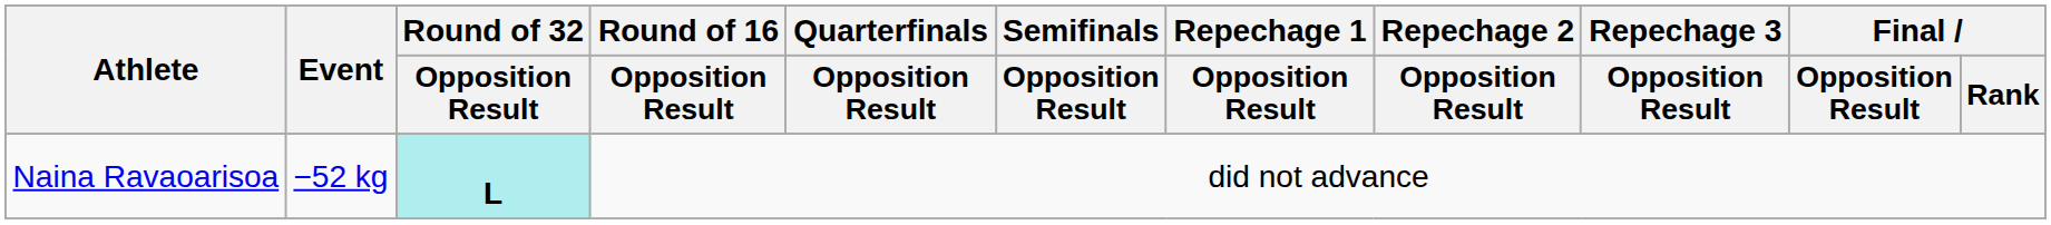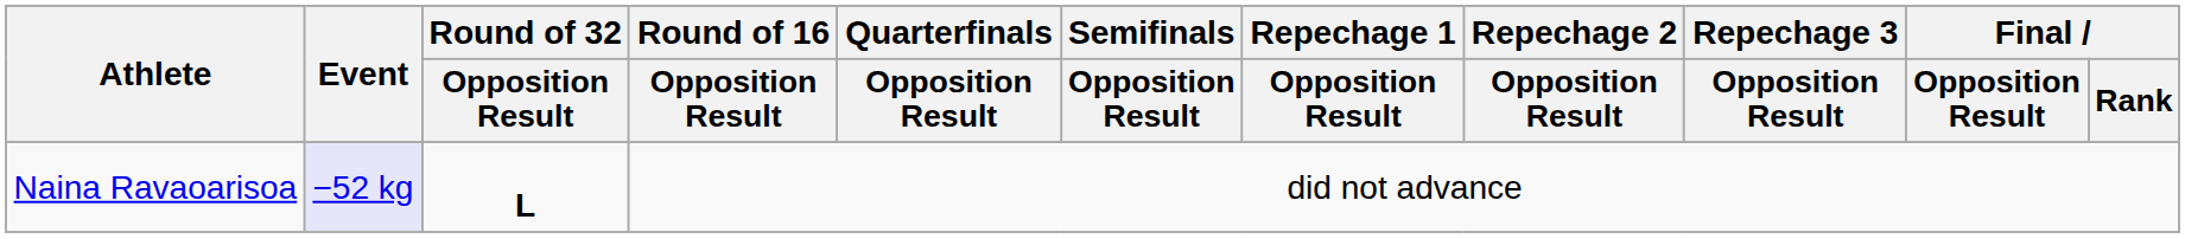 <table class="wikitable" style="font-size:90%">
 <tr>
 <th rowspan="2">Athlete</th>
 <th rowspan="2">Event</th>
 <th>Round of 32</th>
 <th>Round of 16</th>
 <th>Quarterfinals</th>
 <th>Semifinals</th>
 <th>Repechage 1</th>
 <th>Repechage 2</th>
 <th>Repechage 3</th>
 <th colspan=2>Final / </th>
 </tr>
 <tr style="font-size:95%">
 <th>Opposition<br>Result</th>
 <th>Opposition<br>Result</th>
 <th>Opposition<br>Result</th>
 <th>Opposition<br>Result</th>
 <th>Opposition<br>Result</th>
 <th>Opposition<br>Result</th>
 <th>Opposition<br>Result</th>
 <th>Opposition<br>Result</th>
 <th>Rank</th>
 </tr>
 <tr align=center>
 <td align=left><a href='#'>Naina Ravaoarisoa</a></td>
-<td align=left><a href='#'>−52 kg</a></td>
-<td style="background: paleturquoise;"><br><strong>L</strong></td>
+<td align=left style="background: lavender;"><a href='#'>−52 kg</a></td>
+<td><br><strong>L</strong></td>
 <td colspan=8>did not advance</td>
 </tr>
 </table>
